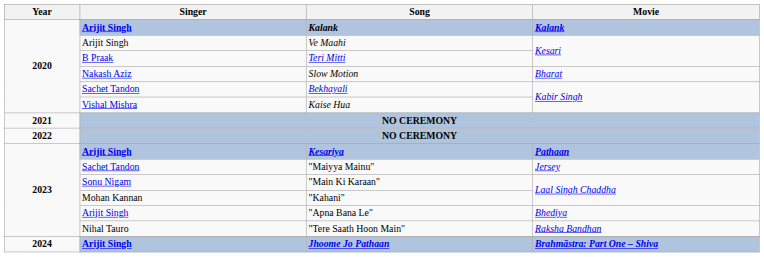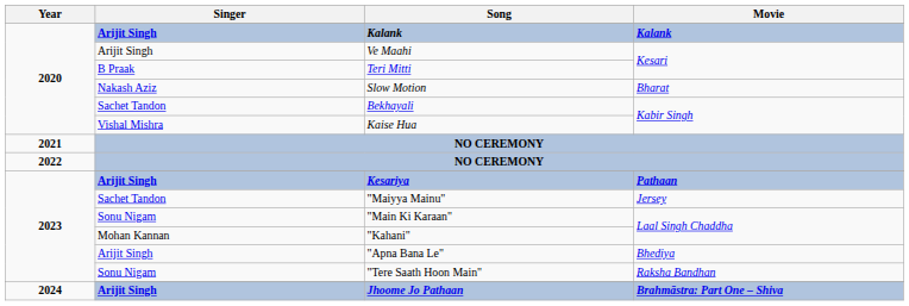 <table class="wikitable" style="width:98%;">
 <tr style="background:#bebebe;">
 <th style="width:10%;">Year</th>
 <th style="width:30%;">Singer</th>
 <th style="width:30%;">Song</th>
 <th style="width:30%;">Movie</th>
 </tr>
 <tr>
 <td rowspan=7 style="text-align:center"><strong>2020</strong></td>
 </tr>
 <tr style="background:#B0C4DE;">
 <td><strong><a href='#'>Arijit Singh</a></strong></td>
 <td><strong><em>Kalank</em></strong></td>
 <td><strong><em><a href='#'>Kalank</a></em></strong></td>
 </tr>
 <tr>
 <td>Arijit Singh</td>
 <td><em>Ve Maahi</em></td>
 <td rowspan="2"><a href='#'><em>Kesari</em></a></td>
 </tr>
 <tr>
 <td><a href='#'>B Praak</a></td>
 <td><em><a href='#'>Teri Mitti</a></em></td>
 </tr>
 <tr>
 <td><a href='#'>Nakash Aziz</a></td>
 <td><em>Slow Motion</em></td>
 <td><a href='#'><em>Bharat</em></a></td>
 </tr>
 <tr>
 <td><a href='#'>Sachet Tandon</a></td>
 <td><em><a href='#'>Bekhayali</a></em></td>
 <td rowspan="2"><em><a href='#'>Kabir Singh</a></em></td>
 </tr>
 <tr>
 <td><a href='#'>Vishal Mishra</a></td>
 <td><em>Kaise Hua</em></td>
 </tr>
 <tr>
 <td rowspan=1 style="text-align:center"><strong>2021</strong></td>
 <td colspan=3 style="background:#B0C4DE; text-align:center"><strong>NO CEREMONY</strong></td>
 </tr>
 <tr>
 <td rowspan=1 style="text-align:center"><strong>2022</strong></td>
 <td colspan=3 style="background:#B0C4DE; text-align:center"><strong>NO CEREMONY</strong></td>
 </tr>
 <tr>
 <td rowspan=7 style="text-align:center"><strong>2023</strong></td>
 </tr>
 <tr style="background:#B0C4DE">
 <td><strong><a href='#'>Arijit Singh</a></strong></td>
 <td><strong><em><a href='#'>Kesariya</a></em></strong></td>
 <td><strong><em><a href='#'>Pathaan</a></em></strong></td>
 </tr>
 <tr>
 <td><a href='#'>Sachet Tandon</a></td>
 <td>"Maiyya Mainu"</td>
 <td><em><a href='#'>Jersey</a></em></td>
 </tr>
 <tr>
 <td><a href='#'>Sonu Nigam</a></td>
 <td>"Main Ki Karaan"</td>
 <td rowspan=2><em><a href='#'>Laal Singh Chaddha</a></em></td>
 </tr>
 <tr>
 <td>Mohan Kannan</td>
 <td>"Kahani"</td>
 </tr>
 <tr>
 <td><a href='#'>Arijit Singh</a></td>
 <td>"Apna Bana Le"</td>
 <td><em><a href='#'>Bhediya</a></em></td>
 </tr>
 <tr>
-<td>Nihal Tauro</td>
+<td><a href='#'>Sonu Nigam</a></td>
 <td>"Tere Saath Hoon Main"</td>
 <td><em><a href='#'>Raksha Bandhan</a></em></td>
 </tr>
 <tr>
 <td rowspan=2 style="text-align:center"><strong>2024</strong></td>
 </tr>
 <tr style="background:#B0C4DE">
 <td><strong><a href='#'>Arijit Singh</a></strong></td>
 <td><strong><em><a href='#'>Jhoome Jo Pathaan</a></em></strong></td>
 <td><strong><em><a href='#'>Brahmāstra: Part One – Shiva</a></em></strong></td>
 </tr>
 </table>
